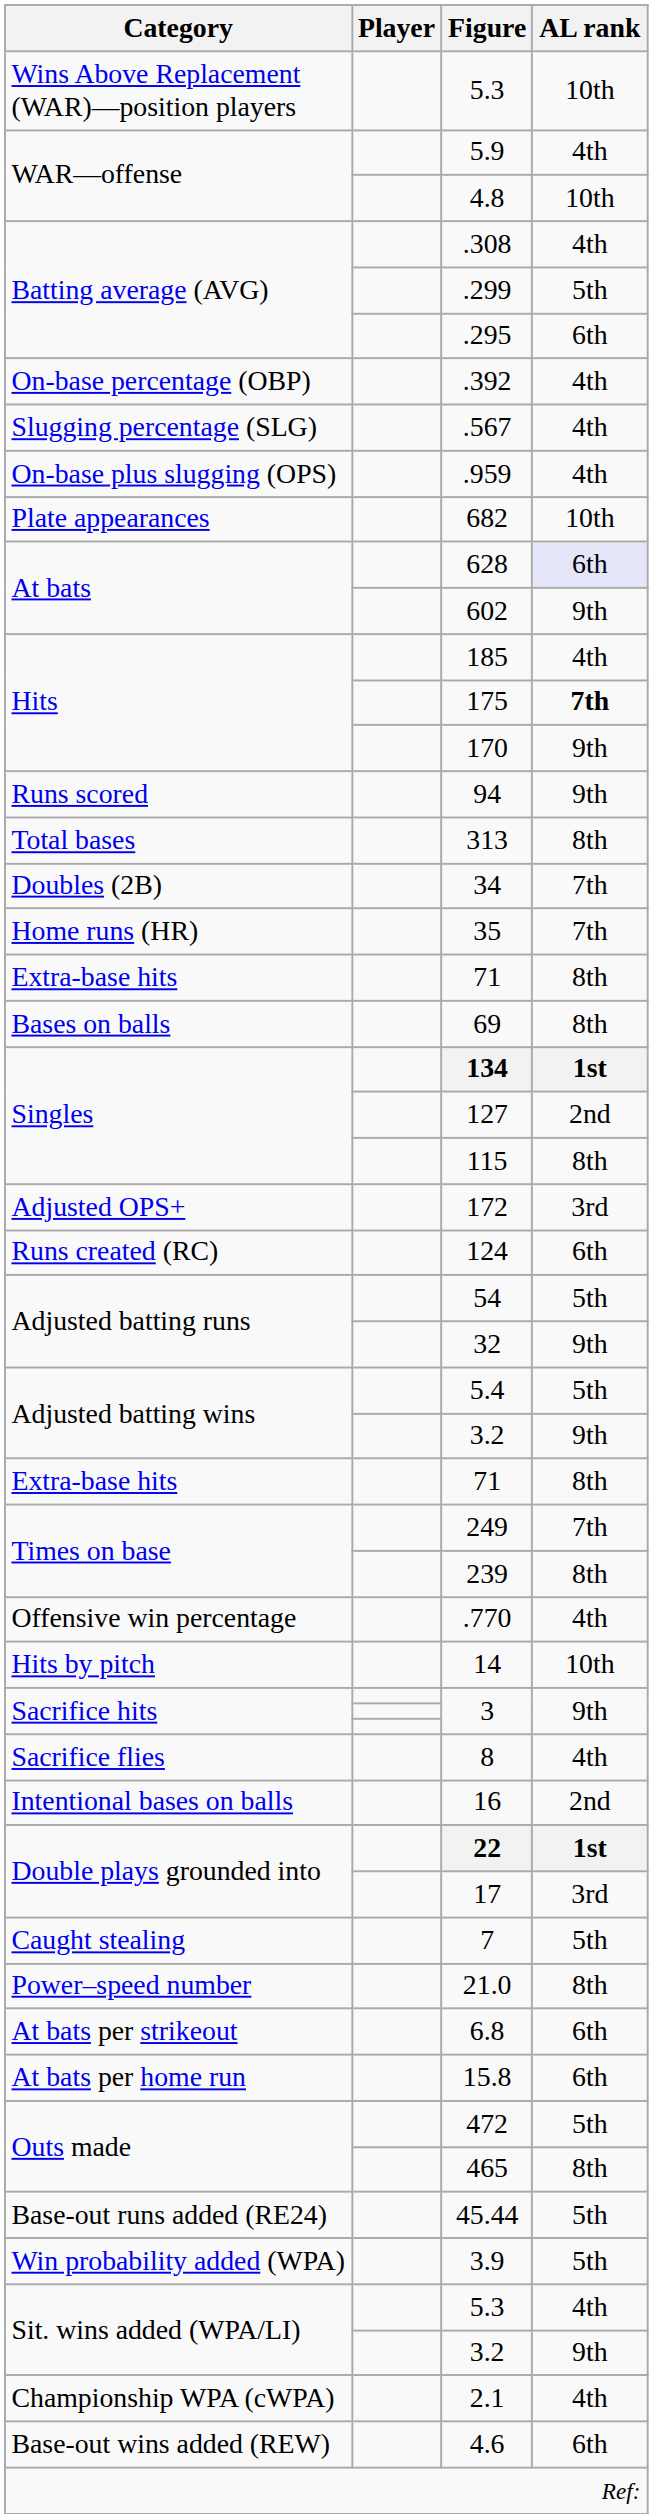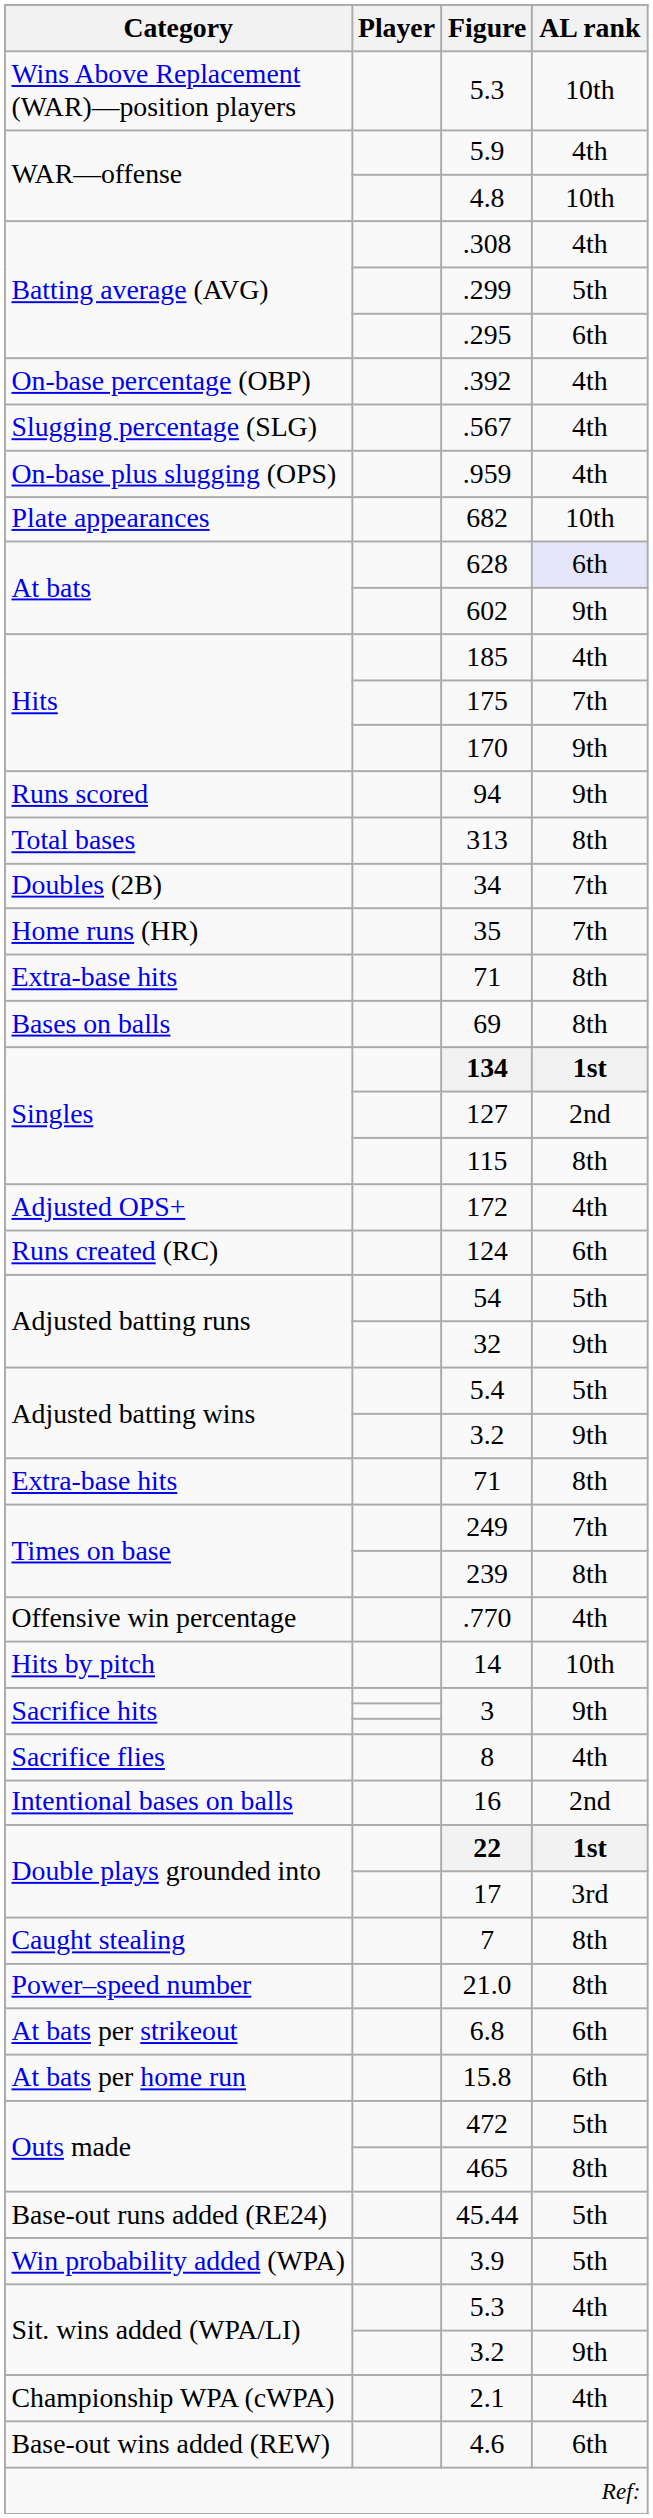 <table class="wikitable sortable" border="1" style="font-size: 90%">
 <tr>
 <th>Category</th>
 <th>Player</th>
 <th>Figure</th>
 <th>AL rank</th>
 </tr>
 <tr>
 <td><a href='#'>Wins Above Replacement</a> <br>(WAR)—position players</td>
 <td></td>
 <td align="center">5.3</td>
 <td align="center">10th</td>
 </tr>
 <tr>
 <td rowspan="2">WAR—offense</td>
 <td></td>
 <td align="center">5.9</td>
 <td align="center">4th</td>
 </tr>
 <tr>
 <td></td>
 <td align="center">4.8</td>
 <td align="center">10th</td>
 </tr>
 <tr>
 <td rowspan="3"><a href='#'>Batting average</a> (AVG)</td>
 <td></td>
 <td align="center">.308</td>
 <td align="center">4th</td>
 </tr>
 <tr>
 <td></td>
 <td align="center">.299</td>
 <td align="center">5th</td>
 </tr>
 <tr>
 <td></td>
 <td align="center">.295</td>
 <td align="center">6th</td>
 </tr>
 <tr>
 <td><a href='#'>On-base percentage</a> (OBP)</td>
 <td></td>
 <td align="center">.392</td>
 <td align="center">4th</td>
 </tr>
 <tr>
 <td><a href='#'>Slugging percentage</a> (SLG)</td>
 <td></td>
 <td align="center">.567</td>
 <td align="center">4th</td>
 </tr>
 <tr>
 <td><a href='#'>On-base plus slugging</a> (OPS)</td>
 <td></td>
 <td align="center">.959</td>
 <td align="center">4th</td>
 </tr>
 <tr>
 <td><a href='#'>Plate appearances</a></td>
 <td></td>
 <td align="center">682</td>
 <td align="center">10th</td>
 </tr>
 <tr>
 <td rowspan="2"><a href='#'>At bats</a></td>
 <td></td>
 <td align="center">628</td>
 <td align="center" style="background: lavender;">6th</td>
 </tr>
 <tr>
 <td></td>
 <td align="center">602</td>
 <td align="center">9th</td>
 </tr>
 <tr>
 <td rowspan="3"><a href='#'>Hits</a></td>
 <td></td>
 <td align="center">185</td>
 <td align="center">4th</td>
 </tr>
 <tr>
 <td></td>
 <td align="center">175</td>
-<td align="center"><strong>7th</strong></td>
+<td align="center">7th</td>
 </tr>
 <tr>
 <td></td>
 <td align="center">170</td>
 <td align="center">9th</td>
 </tr>
 <tr>
 <td><a href='#'>Runs scored</a></td>
 <td></td>
 <td align="center">94</td>
 <td align="center">9th</td>
 </tr>
 <tr>
 <td><a href='#'>Total bases</a></td>
 <td></td>
 <td align="center">313</td>
 <td align="center">8th</td>
 </tr>
 <tr>
 <td><a href='#'>Doubles</a> (2B)</td>
 <td></td>
 <td align="center">34</td>
 <td align="center">7th</td>
 </tr>
 <tr>
 <td><a href='#'>Home runs</a> (HR)</td>
 <td></td>
 <td align="center">35</td>
 <td align="center">7th</td>
 </tr>
 <tr>
 <td><a href='#'>Extra-base hits</a></td>
 <td></td>
 <td align="center">71</td>
 <td align="center">8th</td>
 </tr>
 <tr>
 <td><a href='#'>Bases on balls</a></td>
 <td></td>
 <td align="center">69</td>
 <td align="center">8th</td>
 </tr>
 <tr>
 <td rowspan="3"><a href='#'>Singles</a></td>
 <td></td>
 <th align="center">134</th>
 <th align="center">1st</th>
 </tr>
 <tr>
 <td></td>
 <td align="center">127</td>
 <td align="center">2nd</td>
 </tr>
 <tr>
 <td></td>
 <td align="center">115</td>
 <td align="center">8th</td>
 </tr>
 <tr>
 <td><a href='#'>Adjusted OPS+</a></td>
 <td></td>
 <td align="center">172</td>
-<td align="center">3rd</td>
+<td align="center">4th</td>
 </tr>
 <tr>
 <td><a href='#'>Runs created</a> (RC)</td>
 <td></td>
 <td align="center">124</td>
 <td align="center">6th</td>
 </tr>
 <tr>
 <td rowspan="2">Adjusted batting runs</td>
 <td></td>
 <td align="center">54</td>
 <td align="center">5th</td>
 </tr>
 <tr>
 <td></td>
 <td align="center">32</td>
 <td align="center">9th</td>
 </tr>
 <tr>
 <td rowspan="2">Adjusted batting wins</td>
 <td></td>
 <td align="center">5.4</td>
 <td align="center">5th</td>
 </tr>
 <tr>
 <td></td>
 <td align="center">3.2</td>
 <td align="center">9th</td>
 </tr>
 <tr>
 <td><a href='#'>Extra-base hits</a></td>
 <td></td>
 <td align="center">71</td>
 <td align="center">8th</td>
 </tr>
 <tr>
 <td rowspan="2"><a href='#'>Times on base</a></td>
 <td></td>
 <td align="center">249</td>
 <td align="center">7th</td>
 </tr>
 <tr>
 <td></td>
 <td align="center">239</td>
 <td align="center">8th</td>
 </tr>
 <tr>
 <td>Offensive win percentage</td>
 <td></td>
 <td align="center">.770</td>
 <td align="center">4th</td>
 </tr>
 <tr>
 <td><a href='#'>Hits by pitch</a></td>
 <td></td>
 <td align="center">14</td>
 <td align="center">10th</td>
 </tr>
 <tr>
 <td rowspan="3"><a href='#'>Sacrifice hits</a></td>
 <td></td>
 <td align="center" rowspan="3">3</td>
 <td align="center" rowspan="3">9th</td>
 </tr>
 <tr>
 <td></td>
 </tr>
 <tr>
 <td></td>
 </tr>
 <tr>
 <td><a href='#'>Sacrifice flies</a></td>
 <td></td>
 <td align="center">8</td>
 <td align="center">4th</td>
 </tr>
 <tr>
 <td><a href='#'>Intentional bases on balls</a></td>
 <td></td>
 <td align="center">16</td>
 <td align="center">2nd</td>
 </tr>
 <tr>
 <td rowspan="2"><a href='#'>Double plays</a> grounded into</td>
 <td></td>
 <th align="center">22</th>
 <th align="center">1st</th>
 </tr>
 <tr>
 <td></td>
 <td align="center">17</td>
 <td align="center">3rd</td>
 </tr>
 <tr>
 <td><a href='#'>Caught stealing</a></td>
 <td></td>
 <td align="center">7</td>
-<td align="center">5th</td>
+<td align="center">8th</td>
 </tr>
 <tr>
 <td><a href='#'>Power–speed number</a></td>
 <td></td>
 <td align="center">21.0</td>
 <td align="center">8th</td>
 </tr>
 <tr>
 <td><a href='#'>At bats</a> per <a href='#'>strikeout</a></td>
 <td></td>
 <td align="center">6.8</td>
 <td align="center">6th</td>
 </tr>
 <tr>
 <td><a href='#'>At bats</a> per <a href='#'>home run</a></td>
 <td></td>
 <td align="center">15.8</td>
 <td align="center">6th</td>
 </tr>
 <tr>
 <td rowspan="2"><a href='#'>Outs</a> made</td>
 <td></td>
 <td align="center">472</td>
 <td align="center">5th</td>
 </tr>
 <tr>
 <td></td>
 <td align="center">465</td>
 <td align="center">8th</td>
 </tr>
 <tr>
 <td>Base-out runs added (RE24)</td>
 <td></td>
 <td align="center">45.44</td>
 <td align="center">5th</td>
 </tr>
 <tr>
 <td><a href='#'>Win probability added</a> (WPA)</td>
 <td></td>
 <td align="center">3.9</td>
 <td align="center">5th</td>
 </tr>
 <tr>
 <td rowspan="2">Sit. wins added (WPA/LI)</td>
 <td></td>
 <td align="center">5.3</td>
 <td align="center">4th</td>
 </tr>
 <tr>
 <td></td>
 <td align="center">3.2</td>
 <td align="center">9th</td>
 </tr>
 <tr>
 <td>Championship WPA (cWPA)</td>
 <td></td>
 <td align="center">2.1</td>
 <td align="center">4th</td>
 </tr>
 <tr>
 <td>Base-out wins added (REW)</td>
 <td></td>
 <td align="center">4.6</td>
 <td align="center">6th</td>
 </tr>
 <tr class="sortbottom">
 <td colspan="4;" align="right"><small><em>Ref:</em></small></td>
 </tr>
 <tr>
 </tr>
 </table>
